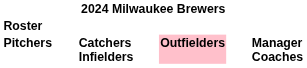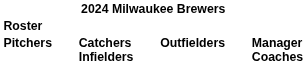 <table class="toccolours" style="font-size: 95%;">
 <tr>
 <th colspan="10">2024 Milwaukee Brewers</th>
 </tr>
 <tr>
 <td colspan="10"><strong>Roster</strong></td>
 </tr>
 <tr>
 <td valign="top"><strong>Pitchers</strong><br>                                 </td>
 <td width="25px"></td>
 <td valign="top"><strong>Catchers</strong><br>   <strong>Infielders</strong>          </td>
 <td width="25px"></td>
-<td valign="top" style="background: pink;"><strong>Outfielders</strong><br>        </td>
+<td valign="top"><strong>Outfielders</strong><br>        </td>
 <td width="25px"></td>
 <td valign="top"><strong>Manager</strong><br> <strong>Coaches</strong>                          </td>
 </tr>
 </table>
